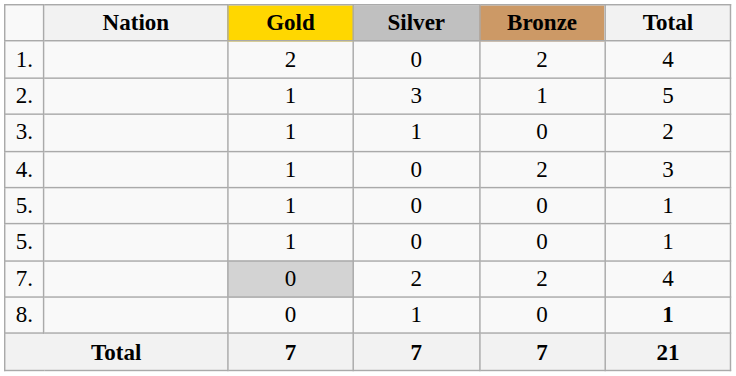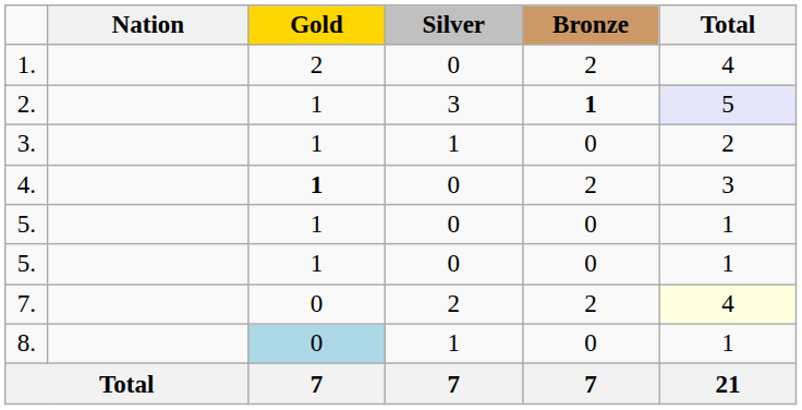 <table class="wikitable" style="text-align:center">
 <tr>
 <td width="20"></td>
 <th width="120">Nation</th>
 <th style="background-color:gold;" width="80"> Gold</th>
 <th style="background-color:silver;" width="80">Silver</th>
 <th style="background-color:#CC9966;" width="80"> Bronze</th>
 <th width="80">Total</th>
 </tr>
 <tr>
 <td>1.</td>
 <td align=left></td>
 <td>2</td>
 <td>0</td>
 <td>2</td>
 <td>4</td>
 </tr>
 <tr>
 <td>2.</td>
 <td align=left></td>
 <td>1</td>
 <td>3</td>
-<td>1</td>
-<td>5</td>
+<td><strong>1</strong></td>
+<td style="background: lavender;">5</td>
 </tr>
 <tr>
 <td>3.</td>
 <td align=left></td>
 <td>1</td>
 <td>1</td>
 <td>0</td>
 <td>2</td>
 </tr>
 <tr>
 <td>4.</td>
 <td align=left></td>
-<td>1</td>
+<td><strong>1</strong></td>
 <td>0</td>
 <td>2</td>
 <td>3</td>
 </tr>
 <tr>
 <td>5.</td>
 <td align=left></td>
 <td>1</td>
 <td>0</td>
 <td>0</td>
 <td>1</td>
 </tr>
 <tr>
 <td>5.</td>
 <td align=left></td>
 <td>1</td>
 <td>0</td>
 <td>0</td>
 <td>1</td>
 </tr>
 <tr>
 <td>7.</td>
 <td align=left></td>
-<td style="background: lightgrey;">0</td>
+<td>0</td>
 <td>2</td>
 <td>2</td>
-<td>4</td>
+<td style="background: lightyellow;">4</td>
 </tr>
 <tr>
 <td>8.</td>
 <td align=left></td>
+<td style="background: lightblue;">0</td>
+<td>1</td>
 <td>0</td>
 <td>1</td>
-<td>0</td>
-<td><strong>1</strong></td>
 </tr>
 <tr>
 <th colspan=2>Total</th>
 <th>7</th>
 <th>7</th>
 <th>7</th>
 <th>21</th>
 </tr>
 </table>
